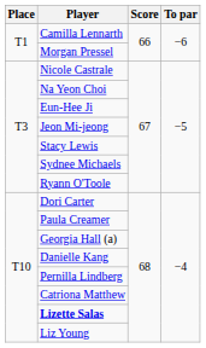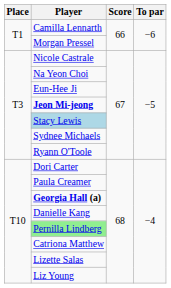 <table class="wikitable">
 <tr>
 <th>Place</th>
 <th>Player</th>
 <th>Score</th>
 <th>To par</th>
 </tr>
 <tr>
 <td align=center rowspan=2>T1</td>
 <td> <a href='#'>Camilla Lennarth</a></td>
 <td align=center rowspan=2>66</td>
 <td align=center rowspan=2>−6</td>
 </tr>
 <tr>
 <td> <a href='#'>Morgan Pressel</a></td>
 </tr>
 <tr>
 <td align=center rowspan=7>T3</td>
 <td> <a href='#'>Nicole Castrale</a></td>
 <td align=center rowspan=7>67</td>
 <td align=center rowspan=7>−5</td>
 </tr>
 <tr>
 <td> <a href='#'>Na Yeon Choi</a></td>
 </tr>
 <tr>
 <td> <a href='#'>Eun-Hee Ji</a></td>
 </tr>
 <tr>
-<td> <a href='#'>Jeon Mi-jeong</a></td>
+<td><strong> <a href='#'>Jeon Mi-jeong</a></strong></td>
 </tr>
 <tr>
-<td> <a href='#'>Stacy Lewis</a></td>
+<td style="background: lightblue;"> <a href='#'>Stacy Lewis</a></td>
 </tr>
 <tr>
 <td> <a href='#'>Sydnee Michaels</a></td>
 </tr>
 <tr>
 <td> <a href='#'>Ryann O'Toole</a></td>
 </tr>
 <tr>
 <td align=center rowspan=8>T10</td>
 <td> <a href='#'>Dori Carter</a></td>
 <td align=center rowspan=8>68</td>
 <td align=center rowspan=8>−4</td>
 </tr>
 <tr>
 <td> <a href='#'>Paula Creamer</a></td>
 </tr>
 <tr>
-<td> <a href='#'>Georgia Hall</a> (a)</td>
+<td><strong> <a href='#'>Georgia Hall</a> (a)</strong></td>
 </tr>
 <tr>
 <td> <a href='#'>Danielle Kang</a></td>
 </tr>
 <tr>
-<td> <a href='#'>Pernilla Lindberg</a></td>
+<td style="background: lightgreen;"> <a href='#'>Pernilla Lindberg</a></td>
 </tr>
 <tr>
 <td> <a href='#'>Catriona Matthew</a></td>
 </tr>
 <tr>
-<td><strong> <a href='#'>Lizette Salas</a></strong></td>
+<td> <a href='#'>Lizette Salas</a></td>
 </tr>
 <tr>
 <td> <a href='#'>Liz Young</a></td>
 </tr>
 </table>
